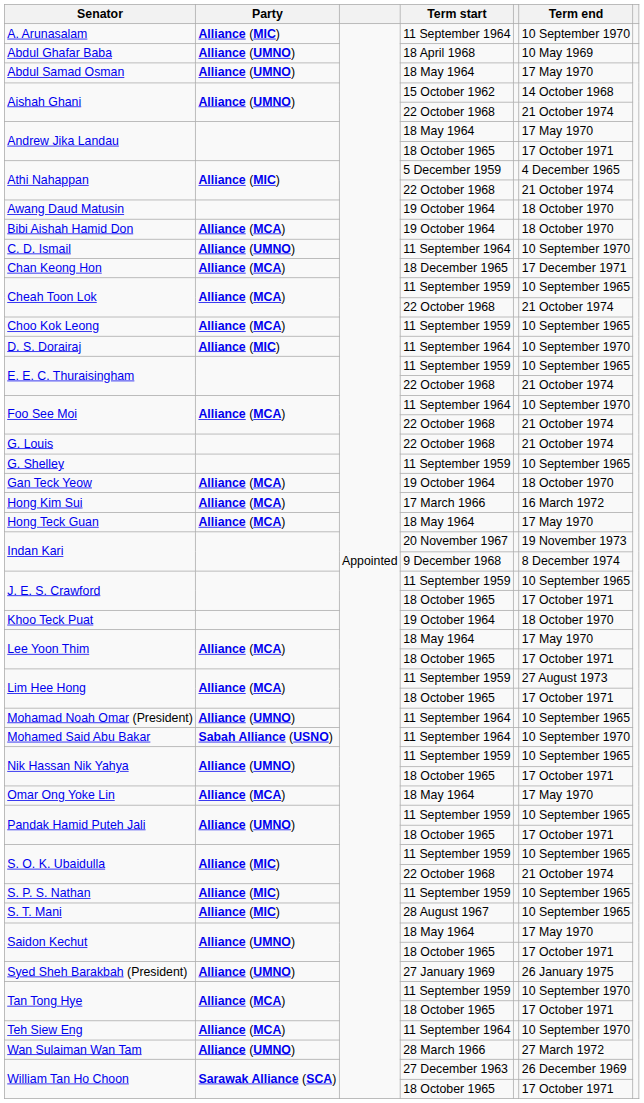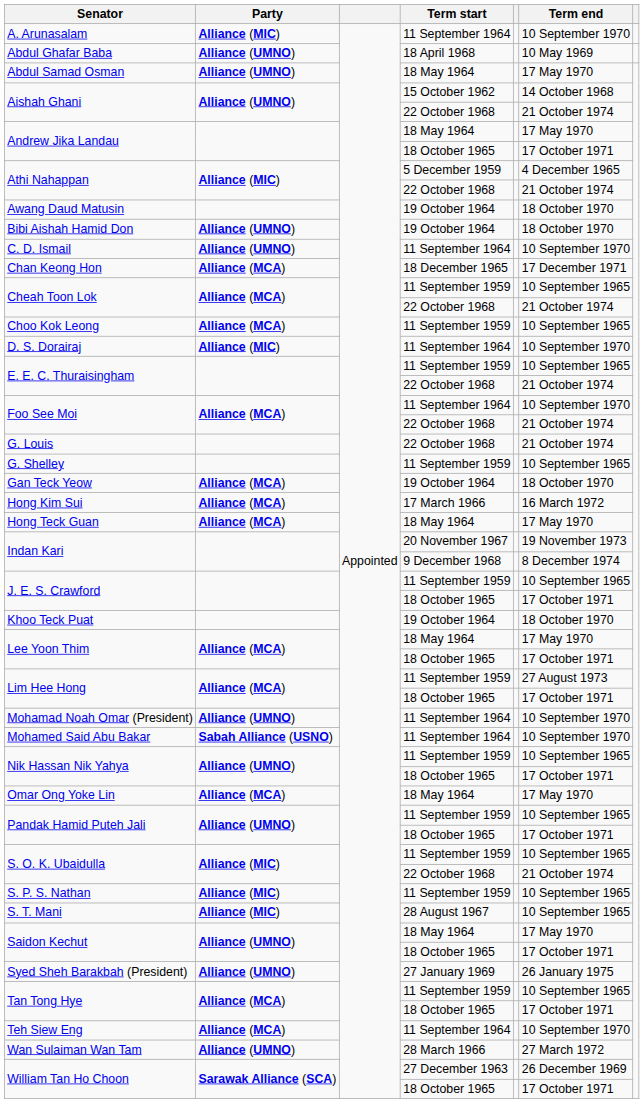 <table class="wikitable sortable">
 <tr>
 <th>Senator</th>
 <th>Party</th>
 <th></th>
 <th>Term start</th>
 <th></th>
 <th>Term end</th>
 <th></th>
 </tr>
 <tr>
 <td><a href='#'>A. Arunasalam</a></td>
 <td><strong><a href='#'>Alliance</a></strong> (<strong><a href='#'>MIC</a></strong>)</td>
 <td rowspan=55>Appointed</td>
 <td>11 September 1964</td>
 <td></td>
 <td>10 September 1970</td>
 </tr>
 <tr>
 <td><a href='#'>Abdul Ghafar Baba</a></td>
 <td><strong><a href='#'>Alliance</a></strong> (<strong><a href='#'>UMNO</a></strong>)</td>
 <td>18 April 1968</td>
 <td></td>
 <td>10 May 1969</td>
 <td></td>
 </tr>
 <tr>
 <td><a href='#'>Abdul Samad Osman</a></td>
 <td><strong><a href='#'>Alliance</a></strong> (<strong><a href='#'>UMNO</a></strong>)</td>
 <td>18 May 1964</td>
 <td></td>
 <td>17 May 1970</td>
 </tr>
 <tr>
 <td rowspan=2><a href='#'>Aishah Ghani</a></td>
 <td rowspan=2><strong><a href='#'>Alliance</a></strong> (<strong><a href='#'>UMNO</a></strong>)</td>
 <td>15 October 1962</td>
 <td></td>
 <td>14 October 1968</td>
 </tr>
 <tr>
 <td>22 October 1968</td>
 <td></td>
 <td>21 October 1974</td>
 </tr>
 <tr>
 <td rowspan=2><a href='#'>Andrew Jika Landau</a></td>
 <td rowspan=2></td>
 <td>18 May 1964</td>
 <td></td>
 <td>17 May 1970</td>
 </tr>
 <tr>
 <td>18 October 1965</td>
 <td></td>
 <td>17 October 1971</td>
 </tr>
 <tr>
 <td rowspan=2><a href='#'>Athi Nahappan</a></td>
 <td rowspan=2><strong><a href='#'>Alliance</a></strong> (<strong><a href='#'>MIC</a></strong>)</td>
 <td>5 December 1959</td>
 <td></td>
 <td>4 December 1965</td>
 </tr>
 <tr>
 <td>22 October 1968</td>
 <td></td>
 <td>21 October 1974</td>
 </tr>
 <tr>
 <td><a href='#'>Awang Daud Matusin</a></td>
 <td></td>
 <td>19 October 1964</td>
 <td></td>
 <td>18 October 1970</td>
 </tr>
 <tr>
 <td><a href='#'>Bibi Aishah Hamid Don</a></td>
-<td><strong><a href='#'>Alliance</a></strong> (<strong><a href='#'>MCA</a></strong>)</td>
+<td><strong><a href='#'>Alliance</a></strong> (<strong><a href='#'>UMNO</a></strong>)</td>
 <td>19 October 1964</td>
 <td></td>
 <td>18 October 1970</td>
 </tr>
 <tr>
 <td><a href='#'>C. D. Ismail</a></td>
 <td><strong><a href='#'>Alliance</a></strong> (<strong><a href='#'>UMNO</a></strong>)</td>
 <td>11 September 1964</td>
 <td></td>
 <td>10 September 1970</td>
 </tr>
 <tr>
 <td><a href='#'>Chan Keong Hon</a></td>
 <td><strong><a href='#'>Alliance</a></strong> (<strong><a href='#'>MCA</a></strong>)</td>
 <td>18 December 1965</td>
 <td></td>
 <td>17 December 1971</td>
 </tr>
 <tr>
 <td rowspan=2><a href='#'>Cheah Toon Lok</a></td>
 <td rowspan=2><strong><a href='#'>Alliance</a></strong> (<strong><a href='#'>MCA</a></strong>)</td>
 <td>11 September 1959</td>
 <td></td>
 <td>10 September 1965</td>
 </tr>
 <tr>
 <td>22 October 1968</td>
 <td></td>
 <td>21 October 1974</td>
 </tr>
 <tr>
 <td><a href='#'>Choo Kok Leong</a></td>
 <td><strong><a href='#'>Alliance</a></strong> (<strong><a href='#'>MCA</a></strong>)</td>
 <td>11 September 1959</td>
 <td></td>
 <td>10 September 1965</td>
 </tr>
 <tr>
 <td><a href='#'>D. S. Dorairaj</a></td>
 <td><strong><a href='#'>Alliance</a></strong> (<strong><a href='#'>MIC</a></strong>)</td>
 <td>11 September 1964</td>
 <td></td>
 <td>10 September 1970</td>
 </tr>
 <tr>
 <td rowspan=2><a href='#'>E. E. C. Thuraisingham</a></td>
 <td rowspan=2></td>
 <td>11 September 1959</td>
 <td></td>
 <td>10 September 1965</td>
 </tr>
 <tr>
 <td>22 October 1968</td>
 <td></td>
 <td>21 October 1974</td>
 </tr>
 <tr>
 <td rowspan=2><a href='#'>Foo See Moi</a></td>
 <td rowspan=2><strong><a href='#'>Alliance</a></strong> (<strong><a href='#'>MCA</a></strong>)</td>
 <td>11 September 1964</td>
 <td></td>
 <td>10 September 1970</td>
 </tr>
 <tr>
 <td>22 October 1968</td>
 <td></td>
 <td>21 October 1974</td>
 </tr>
 <tr>
 <td><a href='#'>G. Louis</a></td>
 <td></td>
 <td>22 October 1968</td>
 <td></td>
 <td>21 October 1974</td>
 </tr>
 <tr>
 <td><a href='#'>G. Shelley</a></td>
 <td></td>
 <td>11 September 1959</td>
 <td></td>
 <td>10 September 1965</td>
 </tr>
 <tr>
 <td><a href='#'>Gan Teck Yeow</a></td>
 <td><strong><a href='#'>Alliance</a></strong> (<strong><a href='#'>MCA</a></strong>)</td>
 <td>19 October 1964</td>
 <td></td>
 <td>18 October 1970</td>
 </tr>
 <tr>
 <td><a href='#'>Hong Kim Sui</a></td>
 <td><strong><a href='#'>Alliance</a></strong> (<strong><a href='#'>MCA</a></strong>)</td>
 <td>17 March 1966</td>
 <td></td>
 <td>16 March 1972</td>
 </tr>
 <tr>
 <td><a href='#'>Hong Teck Guan</a></td>
 <td><strong><a href='#'>Alliance</a></strong> (<strong><a href='#'>MCA</a></strong>)</td>
 <td>18 May 1964</td>
 <td></td>
 <td>17 May 1970</td>
 </tr>
 <tr>
 <td rowspan=2><a href='#'>Indan Kari</a></td>
 <td rowspan=2></td>
 <td>20 November 1967</td>
 <td></td>
 <td>19 November 1973</td>
 </tr>
 <tr>
 <td>9 December 1968</td>
 <td></td>
 <td>8 December 1974</td>
 </tr>
 <tr>
 <td rowspan=2><a href='#'>J. E. S. Crawford</a></td>
 <td rowspan=2></td>
 <td>11 September 1959</td>
 <td></td>
 <td>10 September 1965</td>
 </tr>
 <tr>
 <td>18 October 1965</td>
 <td></td>
 <td>17 October 1971</td>
 </tr>
 <tr>
 <td><a href='#'>Khoo Teck Puat</a></td>
 <td></td>
 <td>19 October 1964</td>
 <td></td>
 <td>18 October 1970</td>
 </tr>
 <tr>
 <td rowspan=2><a href='#'>Lee Yoon Thim</a></td>
 <td rowspan=2><strong><a href='#'>Alliance</a></strong> (<strong><a href='#'>MCA</a></strong>)</td>
 <td>18 May 1964</td>
 <td></td>
 <td>17 May 1970</td>
 </tr>
 <tr>
 <td>18 October 1965</td>
 <td></td>
 <td>17 October 1971</td>
 </tr>
 <tr>
 <td rowspan=2><a href='#'>Lim Hee Hong</a></td>
 <td rowspan=2><strong><a href='#'>Alliance</a></strong> (<strong><a href='#'>MCA</a></strong>)</td>
 <td>11 September 1959</td>
 <td></td>
 <td>27 August 1973</td>
 </tr>
 <tr>
 <td>18 October 1965</td>
 <td></td>
 <td>17 October 1971</td>
 </tr>
 <tr>
 <td><a href='#'>Mohamad Noah Omar</a> (President)</td>
 <td><strong><a href='#'>Alliance</a></strong> (<strong><a href='#'>UMNO</a></strong>)</td>
 <td>11 September 1964</td>
 <td></td>
-<td>10 September 1965</td>
+<td>10 September 1970</td>
 </tr>
 <tr>
 <td><a href='#'>Mohamed Said Abu Bakar</a></td>
 <td><strong><a href='#'>Sabah Alliance</a></strong> (<strong><a href='#'>USNO</a></strong>)</td>
 <td>11 September 1964</td>
 <td></td>
 <td>10 September 1970</td>
 </tr>
 <tr>
 <td rowspan=2><a href='#'>Nik Hassan Nik Yahya</a></td>
 <td rowspan=2><strong><a href='#'>Alliance</a></strong> (<strong><a href='#'>UMNO</a></strong>)</td>
 <td>11 September 1959</td>
 <td></td>
 <td>10 September 1965</td>
 </tr>
 <tr>
 <td>18 October 1965</td>
 <td></td>
 <td>17 October 1971</td>
 </tr>
 <tr>
 <td><a href='#'>Omar Ong Yoke Lin</a></td>
 <td><strong><a href='#'>Alliance</a></strong> (<strong><a href='#'>MCA</a></strong>)</td>
 <td>18 May 1964</td>
 <td></td>
 <td>17 May 1970</td>
 </tr>
 <tr>
 <td rowspan=2><a href='#'>Pandak Hamid Puteh Jali</a></td>
 <td rowspan=2><strong><a href='#'>Alliance</a></strong> (<strong><a href='#'>UMNO</a></strong>)</td>
 <td>11 September 1959</td>
 <td></td>
 <td>10 September 1965</td>
 </tr>
 <tr>
 <td>18 October 1965</td>
 <td></td>
 <td>17 October 1971</td>
 </tr>
 <tr>
 <td rowspan=2><a href='#'>S. O. K. Ubaidulla</a></td>
 <td rowspan=2><strong><a href='#'>Alliance</a></strong> (<strong><a href='#'>MIC</a></strong>)</td>
 <td>11 September 1959</td>
 <td></td>
 <td>10 September 1965</td>
 </tr>
 <tr>
 <td>22 October 1968</td>
 <td></td>
 <td>21 October 1974</td>
 </tr>
 <tr>
 <td><a href='#'>S. P. S. Nathan</a></td>
 <td><strong><a href='#'>Alliance</a></strong> (<strong><a href='#'>MIC</a></strong>)</td>
 <td>11 September 1959</td>
 <td></td>
 <td>10 September 1965</td>
 </tr>
 <tr>
 <td><a href='#'>S. T. Mani</a></td>
 <td><strong><a href='#'>Alliance</a></strong> (<strong><a href='#'>MIC</a></strong>)</td>
 <td>28 August 1967</td>
 <td></td>
 <td>10 September 1965</td>
 </tr>
 <tr>
 <td rowspan=2><a href='#'>Saidon Kechut</a></td>
 <td rowspan=2><strong><a href='#'>Alliance</a></strong> (<strong><a href='#'>UMNO</a></strong>)</td>
 <td>18 May 1964</td>
 <td></td>
 <td>17 May 1970</td>
 </tr>
 <tr>
 <td>18 October 1965</td>
 <td></td>
 <td>17 October 1971</td>
 </tr>
 <tr>
 <td><a href='#'>Syed Sheh Barakbah</a> (President)</td>
 <td><strong><a href='#'>Alliance</a></strong> (<strong><a href='#'>UMNO</a></strong>)</td>
 <td>27 January 1969</td>
 <td></td>
 <td>26 January 1975</td>
 </tr>
 <tr>
 <td rowspan=2><a href='#'>Tan Tong Hye</a></td>
 <td rowspan=2><strong><a href='#'>Alliance</a></strong> (<strong><a href='#'>MCA</a></strong>)</td>
 <td>11 September 1959</td>
 <td></td>
-<td>10 September 1970</td>
+<td>10 September 1965</td>
 </tr>
 <tr>
 <td>18 October 1965</td>
 <td></td>
 <td>17 October 1971</td>
 </tr>
 <tr>
 <td><a href='#'>Teh Siew Eng</a></td>
 <td><strong><a href='#'>Alliance</a></strong> (<strong><a href='#'>MCA</a></strong>)</td>
 <td>11 September 1964</td>
 <td></td>
 <td>10 September 1970</td>
 </tr>
 <tr>
 <td><a href='#'>Wan Sulaiman Wan Tam</a></td>
 <td><strong><a href='#'>Alliance</a></strong> (<strong><a href='#'>UMNO</a></strong>)</td>
 <td>28 March 1966</td>
 <td></td>
 <td>27 March 1972</td>
 </tr>
 <tr>
 <td rowspan=2><a href='#'>William Tan Ho Choon</a></td>
 <td rowspan=2><strong><a href='#'>Sarawak Alliance</a></strong> (<strong><a href='#'>SCA</a></strong>)</td>
 <td>27 December 1963</td>
 <td></td>
 <td>26 December 1969</td>
 </tr>
 <tr>
 <td>18 October 1965</td>
 <td></td>
 <td>17 October 1971</td>
 </tr>
 </table>
